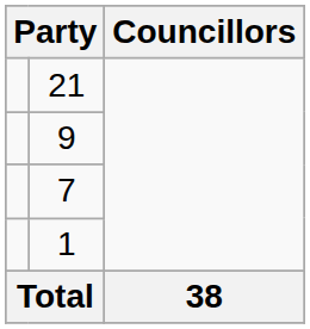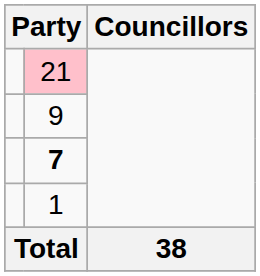 <table class="wikitable">
 <tr>
 <th colspan=2>Party</th>
 <th>Councillors</th>
 </tr>
 <tr>
 <td></td>
-<td align=center>21</td>
+<td align=center style="background: pink;">21</td>
 </tr>
 <tr>
 <td></td>
 <td align=center>9</td>
 </tr>
 <tr>
 <td></td>
-<td align=center>7</td>
+<td align=center><strong>7</strong></td>
 </tr>
 <tr>
 <td></td>
 <td align=center>1</td>
 </tr>
 <tr>
 <th colspan=2>Total</th>
 <th align=center>38</th>
 </tr>
 </table>
